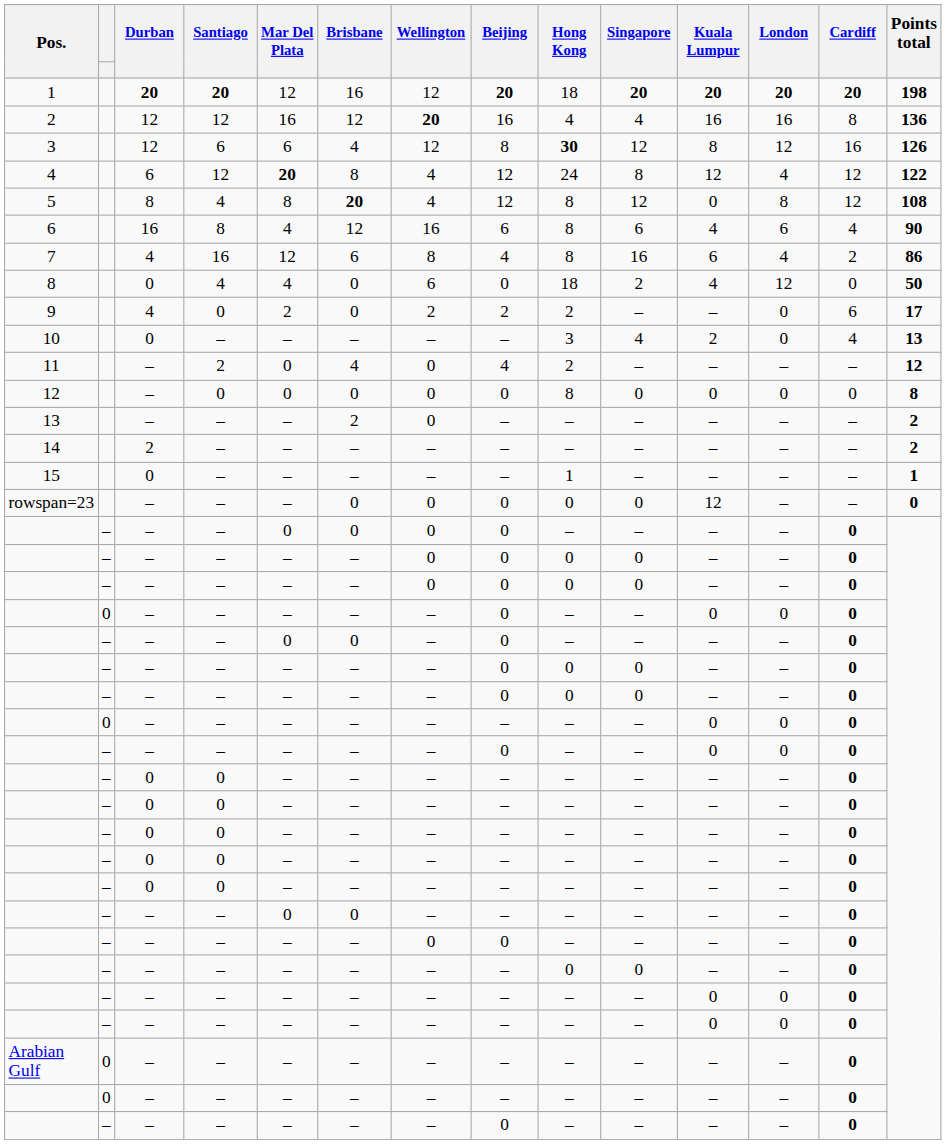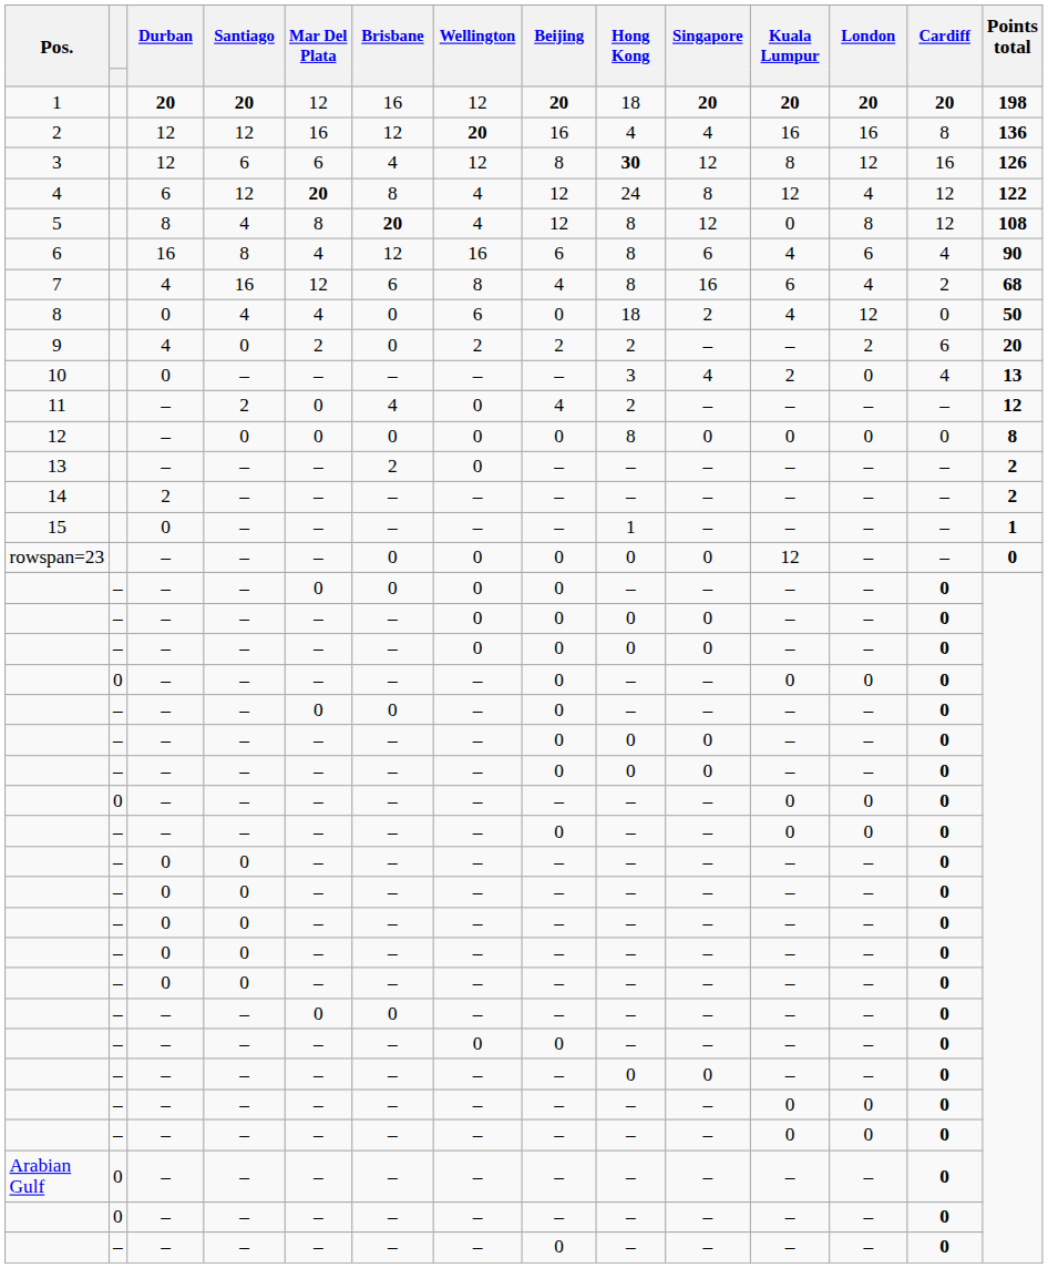 <table class="wikitable sortable" style="text-align:center;">
 <tr>
 <th style="border-bottom:1px solid transparent;"><br>Pos.</th>
 <th></th>
 <th style="vertical-align:top;width:5.5em;border-bottom:1px solid transparent;padding:2px;font-size:85%;"><br><a href='#'>Durban</a></th>
 <th style="vertical-align:top;width:5.5em;border-bottom:1px solid transparent;padding:2px;font-size:85%;"><br><a href='#'>Santiago</a></th>
 <th style="vertical-align:top;width:5.5em;border-bottom:1px solid transparent;padding:2px;font-size:85%;"><br><a href='#'>Mar Del Plata</a></th>
 <th style="vertical-align:top;width:5.5em;border-bottom:1px solid transparent;padding:2px;font-size:85%;"><br><a href='#'>Brisbane</a></th>
 <th style="vertical-align:top;width:5.5em;border-bottom:1px solid transparent;padding:2px;font-size:85%;"><br><a href='#'>Wellington</a></th>
 <th style="vertical-align:top;width:5.5em;border-bottom:1px solid transparent;padding:2px;font-size:85%;"><br><a href='#'>Beijing</a></th>
 <th style="vertical-align:top;width:5.5em;border-bottom:1px solid transparent;padding:2px;font-size:85%;"><br><a href='#'>Hong Kong</a></th>
 <th style="vertical-align:top;width:5.5em;border-bottom:1px solid transparent;padding:2px;font-size:85%;"><br><a href='#'>Singapore</a></th>
 <th style="vertical-align:top;width:5.5em;border-bottom:1px solid transparent;padding:2px;font-size:85%;"><br><a href='#'>Kuala Lumpur</a></th>
 <th style="vertical-align:top;width:5.5em;border-bottom:1px solid transparent;padding:2px;font-size:85%;"><br><a href='#'>London</a></th>
 <th style="vertical-align:top;width:5.5em;border-bottom:1px solid transparent;padding:2px;font-size:85%;"><br><a href='#'>Cardiff</a></th>
 <th style="border-bottom:1px solid transparent;">Points<br>total</th>
 </tr>
 <tr style="line-height:8px;">
 <th style="border-top:1px solid transparent;"> </th>
 <th style="border-top:1px solid transparent;"></th>
 <th data-sort-type="number" style="border-top:1px solid transparent;"></th>
 <th data-sort-type="number" style="border-top:1px solid transparent;"></th>
 <th data-sort-type="number" style="border-top:1px solid transparent;"></th>
 <th data-sort-type="number" style="border-top:1px solid transparent;"></th>
 <th data-sort-type="number" style="border-top:1px solid transparent;"></th>
 <th data-sort-type="number" style="border-top:1px solid transparent;"></th>
 <th data-sort-type="number" style="border-top:1px solid transparent;"></th>
 <th data-sort-type="number" style="border-top:1px solid transparent;"></th>
 <th data-sort-type="number" style="border-top:1px solid transparent;"></th>
 <th data-sort-type="number" style="border-top:1px solid transparent;"></th>
 <th data-sort-type="number" style="border-top:1px solid transparent;"></th>
 <th data-sort-type="number" style="border-top:1px solid transparent;"> </th>
 </tr>
 <tr>
 <td>1</td>
 <td align=left></td>
 <td><strong>20</strong></td>
 <td><strong>20</strong></td>
 <td>12</td>
 <td>16</td>
 <td>12</td>
 <td><strong>20</strong></td>
 <td>18</td>
 <td><strong>20</strong></td>
 <td><strong>20</strong></td>
 <td><strong>20</strong></td>
 <td><strong>20</strong></td>
 <td><strong>198</strong></td>
 </tr>
 <tr>
 <td>2</td>
 <td align=left></td>
 <td>12</td>
 <td>12</td>
 <td>16</td>
 <td>12</td>
 <td><strong>20</strong></td>
 <td>16</td>
 <td>4</td>
 <td>4</td>
 <td>16</td>
 <td>16</td>
 <td>8</td>
 <td><strong>136</strong></td>
 </tr>
 <tr>
 <td>3</td>
 <td align=left></td>
 <td>12</td>
 <td>6</td>
 <td>6</td>
 <td>4</td>
 <td>12</td>
 <td>8</td>
 <td><strong>30</strong></td>
 <td>12</td>
 <td>8</td>
 <td>12</td>
 <td>16</td>
 <td><strong>126</strong></td>
 </tr>
 <tr>
 <td>4</td>
 <td align=left></td>
 <td>6</td>
 <td>12</td>
 <td><strong>20</strong></td>
 <td>8</td>
 <td>4</td>
 <td>12</td>
 <td>24</td>
 <td>8</td>
 <td>12</td>
 <td>4</td>
 <td>12</td>
 <td><strong>122</strong></td>
 </tr>
 <tr>
 <td>5</td>
 <td align=left></td>
 <td>8</td>
 <td>4</td>
 <td>8</td>
 <td><strong>20</strong></td>
 <td>4</td>
 <td>12</td>
 <td>8</td>
 <td>12</td>
 <td>0</td>
 <td>8</td>
 <td>12</td>
 <td><strong>108</strong></td>
 </tr>
 <tr>
 <td>6</td>
 <td align=left></td>
 <td>16</td>
 <td>8</td>
 <td>4</td>
 <td>12</td>
 <td>16</td>
 <td>6</td>
 <td>8</td>
 <td>6</td>
 <td>4</td>
 <td>6</td>
 <td>4</td>
 <td><strong>90</strong></td>
 </tr>
 <tr>
 <td>7</td>
 <td align=left></td>
 <td>4</td>
 <td>16</td>
 <td>12</td>
 <td>6</td>
 <td>8</td>
 <td>4</td>
 <td>8</td>
 <td>16</td>
 <td>6</td>
 <td>4</td>
 <td>2</td>
-<td><strong>86</strong></td>
+<td><strong>68</strong></td>
 </tr>
 <tr>
 <td>8</td>
 <td align=left></td>
 <td>0</td>
 <td>4</td>
 <td>4</td>
 <td>0</td>
 <td>6</td>
 <td>0</td>
 <td>18</td>
 <td>2</td>
 <td>4</td>
 <td>12</td>
 <td>0</td>
 <td><strong>50</strong></td>
 </tr>
 <tr>
 <td>9</td>
 <td align=left></td>
 <td>4</td>
 <td>0</td>
 <td>2</td>
 <td>0</td>
 <td>2</td>
 <td>2</td>
 <td>2</td>
 <td>–</td>
 <td>–</td>
-<td>0</td>
+<td>2</td>
 <td>6</td>
-<td><strong>17</strong></td>
+<td><strong>20</strong></td>
 </tr>
 <tr>
 <td>10</td>
 <td align=left></td>
 <td>0</td>
 <td>–</td>
 <td>–</td>
 <td>–</td>
 <td>–</td>
 <td>–</td>
 <td>3</td>
 <td>4</td>
 <td>2</td>
 <td>0</td>
 <td>4</td>
 <td><strong>13</strong></td>
 </tr>
 <tr>
 <td>11</td>
 <td align=left></td>
 <td>–</td>
 <td>2</td>
 <td>0</td>
 <td>4</td>
 <td>0</td>
 <td>4</td>
 <td>2</td>
 <td>–</td>
 <td>–</td>
 <td>–</td>
 <td>–</td>
 <td><strong>12</strong></td>
 </tr>
 <tr>
 <td>12</td>
 <td align=left></td>
 <td>–</td>
 <td>0</td>
 <td>0</td>
 <td>0</td>
 <td>0</td>
 <td>0</td>
 <td>8</td>
 <td>0</td>
 <td>0</td>
 <td>0</td>
 <td>0</td>
 <td><strong>8</strong></td>
 </tr>
 <tr>
 <td>13</td>
 <td align=left></td>
 <td>–</td>
 <td>–</td>
 <td>–</td>
 <td>2</td>
 <td>0</td>
 <td>–</td>
 <td>–</td>
 <td>–</td>
 <td>–</td>
 <td>–</td>
 <td>–</td>
 <td><strong>2</strong></td>
 </tr>
 <tr>
 <td>14</td>
 <td align=left></td>
 <td>2</td>
 <td>–</td>
 <td>–</td>
 <td>–</td>
 <td>–</td>
 <td>–</td>
 <td>–</td>
 <td>–</td>
 <td>–</td>
 <td>–</td>
 <td>–</td>
 <td><strong>2</strong></td>
 </tr>
 <tr>
 <td>15</td>
 <td align=left></td>
 <td>0</td>
 <td>–</td>
 <td>–</td>
 <td>–</td>
 <td>–</td>
 <td>–</td>
 <td>1</td>
 <td>–</td>
 <td>–</td>
 <td>–</td>
 <td>–</td>
 <td><strong>1</strong></td>
 </tr>
 <tr>
 <td>rowspan=23 </td>
 <td align=left></td>
 <td>–</td>
 <td>–</td>
 <td>–</td>
 <td>0</td>
 <td>0</td>
 <td>0</td>
 <td>0</td>
 <td>0</td>
 <td>12</td>
 <td>–</td>
 <td>–</td>
 <td><strong>0</strong></td>
 </tr>
 <tr>
 <td align=left></td>
 <td>–</td>
 <td>–</td>
 <td>–</td>
 <td>0</td>
 <td>0</td>
 <td>0</td>
 <td>0</td>
 <td>–</td>
 <td>–</td>
 <td>–</td>
 <td>–</td>
 <td><strong>0</strong></td>
 </tr>
 <tr>
 <td align=left></td>
 <td>–</td>
 <td>–</td>
 <td>–</td>
 <td>–</td>
 <td>–</td>
 <td>0</td>
 <td>0</td>
 <td>0</td>
 <td>0</td>
 <td>–</td>
 <td>–</td>
 <td><strong>0</strong></td>
 </tr>
 <tr>
 <td align=left></td>
 <td>–</td>
 <td>–</td>
 <td>–</td>
 <td>–</td>
 <td>–</td>
 <td>0</td>
 <td>0</td>
 <td>0</td>
 <td>0</td>
 <td>–</td>
 <td>–</td>
 <td><strong>0</strong></td>
 </tr>
 <tr>
 <td align=left></td>
 <td>0</td>
 <td>–</td>
 <td>–</td>
 <td>–</td>
 <td>–</td>
 <td>–</td>
 <td>0</td>
 <td>–</td>
 <td>–</td>
 <td>0</td>
 <td>0</td>
 <td><strong>0</strong></td>
 </tr>
 <tr>
 <td align=left></td>
 <td>–</td>
 <td>–</td>
 <td>–</td>
 <td>0</td>
 <td>0</td>
 <td>–</td>
 <td>0</td>
 <td>–</td>
 <td>–</td>
 <td>–</td>
 <td>–</td>
 <td><strong>0</strong></td>
 </tr>
 <tr>
 <td align=left></td>
 <td>–</td>
 <td>–</td>
 <td>–</td>
 <td>–</td>
 <td>–</td>
 <td>–</td>
 <td>0</td>
 <td>0</td>
 <td>0</td>
 <td>–</td>
 <td>–</td>
 <td><strong>0</strong></td>
 </tr>
 <tr>
 <td align=left></td>
 <td>–</td>
 <td>–</td>
 <td>–</td>
 <td>–</td>
 <td>–</td>
 <td>–</td>
 <td>0</td>
 <td>0</td>
 <td>0</td>
 <td>–</td>
 <td>–</td>
 <td><strong>0</strong></td>
 </tr>
 <tr>
 <td align=left></td>
 <td>0</td>
 <td>–</td>
 <td>–</td>
 <td>–</td>
 <td>–</td>
 <td>–</td>
 <td>–</td>
 <td>–</td>
 <td>–</td>
 <td>0</td>
 <td>0</td>
 <td><strong>0</strong></td>
 </tr>
 <tr>
 <td align=left></td>
 <td>–</td>
 <td>–</td>
 <td>–</td>
 <td>–</td>
 <td>–</td>
 <td>–</td>
 <td>0</td>
 <td>–</td>
 <td>–</td>
 <td>0</td>
 <td>0</td>
 <td><strong>0</strong></td>
 </tr>
 <tr>
 <td align=left></td>
 <td>–</td>
 <td>0</td>
 <td>0</td>
 <td>–</td>
 <td>–</td>
 <td>–</td>
 <td>–</td>
 <td>–</td>
 <td>–</td>
 <td>–</td>
 <td>–</td>
 <td><strong>0</strong></td>
 </tr>
 <tr>
 <td align=left></td>
 <td>–</td>
 <td>0</td>
 <td>0</td>
 <td>–</td>
 <td>–</td>
 <td>–</td>
 <td>–</td>
 <td>–</td>
 <td>–</td>
 <td>–</td>
 <td>–</td>
 <td><strong>0</strong></td>
 </tr>
 <tr>
 <td align=left></td>
 <td>–</td>
 <td>0</td>
 <td>0</td>
 <td>–</td>
 <td>–</td>
 <td>–</td>
 <td>–</td>
 <td>–</td>
 <td>–</td>
 <td>–</td>
 <td>–</td>
 <td><strong>0</strong></td>
 </tr>
 <tr>
 <td align=left></td>
 <td>–</td>
 <td>0</td>
 <td>0</td>
 <td>–</td>
 <td>–</td>
 <td>–</td>
 <td>–</td>
 <td>–</td>
 <td>–</td>
 <td>–</td>
 <td>–</td>
 <td><strong>0</strong></td>
 </tr>
 <tr>
 <td align=left></td>
 <td>–</td>
 <td>0</td>
 <td>0</td>
 <td>–</td>
 <td>–</td>
 <td>–</td>
 <td>–</td>
 <td>–</td>
 <td>–</td>
 <td>–</td>
 <td>–</td>
 <td><strong>0</strong></td>
 </tr>
 <tr>
 <td align=left></td>
 <td>–</td>
 <td>–</td>
 <td>–</td>
 <td>0</td>
 <td>0</td>
 <td>–</td>
 <td>–</td>
 <td>–</td>
 <td>–</td>
 <td>–</td>
 <td>–</td>
 <td><strong>0</strong></td>
 </tr>
 <tr>
 <td align=left></td>
 <td>–</td>
 <td>–</td>
 <td>–</td>
 <td>–</td>
 <td>–</td>
 <td>0</td>
 <td>0</td>
 <td>–</td>
 <td>–</td>
 <td>–</td>
 <td>–</td>
 <td><strong>0</strong></td>
 </tr>
 <tr>
 <td align=left></td>
 <td>–</td>
 <td>–</td>
 <td>–</td>
 <td>–</td>
 <td>–</td>
 <td>–</td>
 <td>–</td>
 <td>0</td>
 <td>0</td>
 <td>–</td>
 <td>–</td>
 <td><strong>0</strong></td>
 </tr>
 <tr>
 <td align=left></td>
 <td>–</td>
 <td>–</td>
 <td>–</td>
 <td>–</td>
 <td>–</td>
 <td>–</td>
 <td>–</td>
 <td>–</td>
 <td>–</td>
 <td>0</td>
 <td>0</td>
 <td><strong>0</strong></td>
 </tr>
 <tr>
 <td align=left></td>
 <td>–</td>
 <td>–</td>
 <td>–</td>
 <td>–</td>
 <td>–</td>
 <td>–</td>
 <td>–</td>
 <td>–</td>
 <td>–</td>
 <td>0</td>
 <td>0</td>
 <td><strong>0</strong></td>
 </tr>
 <tr>
 <td align=left> <a href='#'>Arabian Gulf</a></td>
 <td>0</td>
 <td>–</td>
 <td>–</td>
 <td>–</td>
 <td>–</td>
 <td>–</td>
 <td>–</td>
 <td>–</td>
 <td>–</td>
 <td>–</td>
 <td>–</td>
 <td><strong>0</strong></td>
 </tr>
 <tr>
 <td align=left></td>
 <td>0</td>
 <td>–</td>
 <td>–</td>
 <td>–</td>
 <td>–</td>
 <td>–</td>
 <td>–</td>
 <td>–</td>
 <td>–</td>
 <td>–</td>
 <td>–</td>
 <td><strong>0</strong></td>
 </tr>
 <tr>
 <td align=left></td>
 <td>–</td>
 <td>–</td>
 <td>–</td>
 <td>–</td>
 <td>–</td>
 <td>–</td>
 <td>0</td>
 <td>–</td>
 <td>–</td>
 <td>–</td>
 <td>–</td>
 <td><strong>0</strong></td>
 </tr>
 </table>
